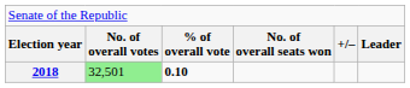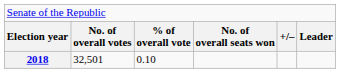 <table class=wikitable>
 <tr>
 <td colspan=6><a href='#'>Senate of the Republic</a></td>
 </tr>
 <tr>
 <th>Election year</th>
 <th>No. of<br>overall votes</th>
 <th>% of<br>overall vote</th>
 <th>No. of<br>overall seats won</th>
 <th>+/–</th>
 <th>Leader</th>
 </tr>
 <tr>
 <th><a href='#'>2018</a></th>
-<td style="background: lightgreen;">32,501</td>
-<td><strong>0.10</strong></td>
+<td>32,501</td>
+<td>0.10</td>
 <td></td>
 <td></td>
 <td></td>
 </tr>
 </table>
